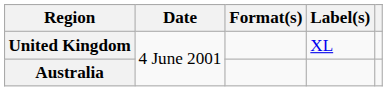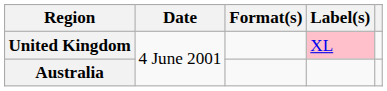 <table class="wikitable plainrowheaders" style="text-align:left">
 <tr>
 <th scope="col">Region</th>
 <th scope="col">Date</th>
 <th scope="col">Format(s)</th>
 <th scope="col">Label(s)</th>
 <th scope="col"></th>
 </tr>
 <tr>
 <th scope="row">United Kingdom</th>
 <td rowspan="2">4 June 2001</td>
 <td></td>
-<td><a href='#'>XL</a></td>
+<td style="background: pink;"><a href='#'>XL</a></td>
 <td align="center"></td>
 </tr>
 <tr>
 <th scope="row">Australia</th>
 <td></td>
 <td></td>
 <td align="center"></td>
 </tr>
 </table>
